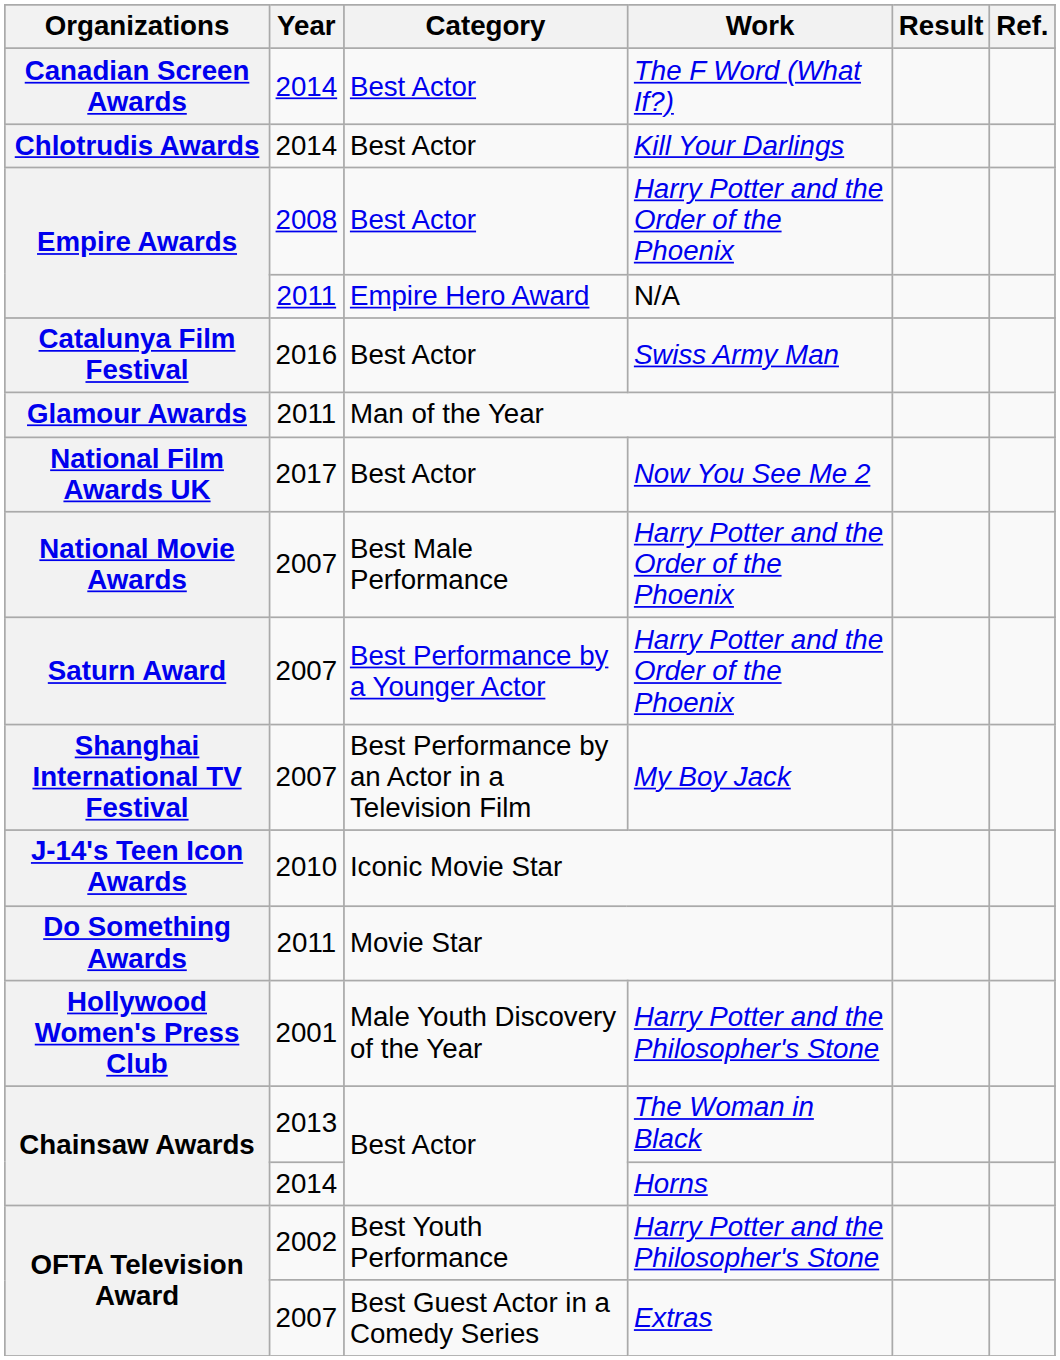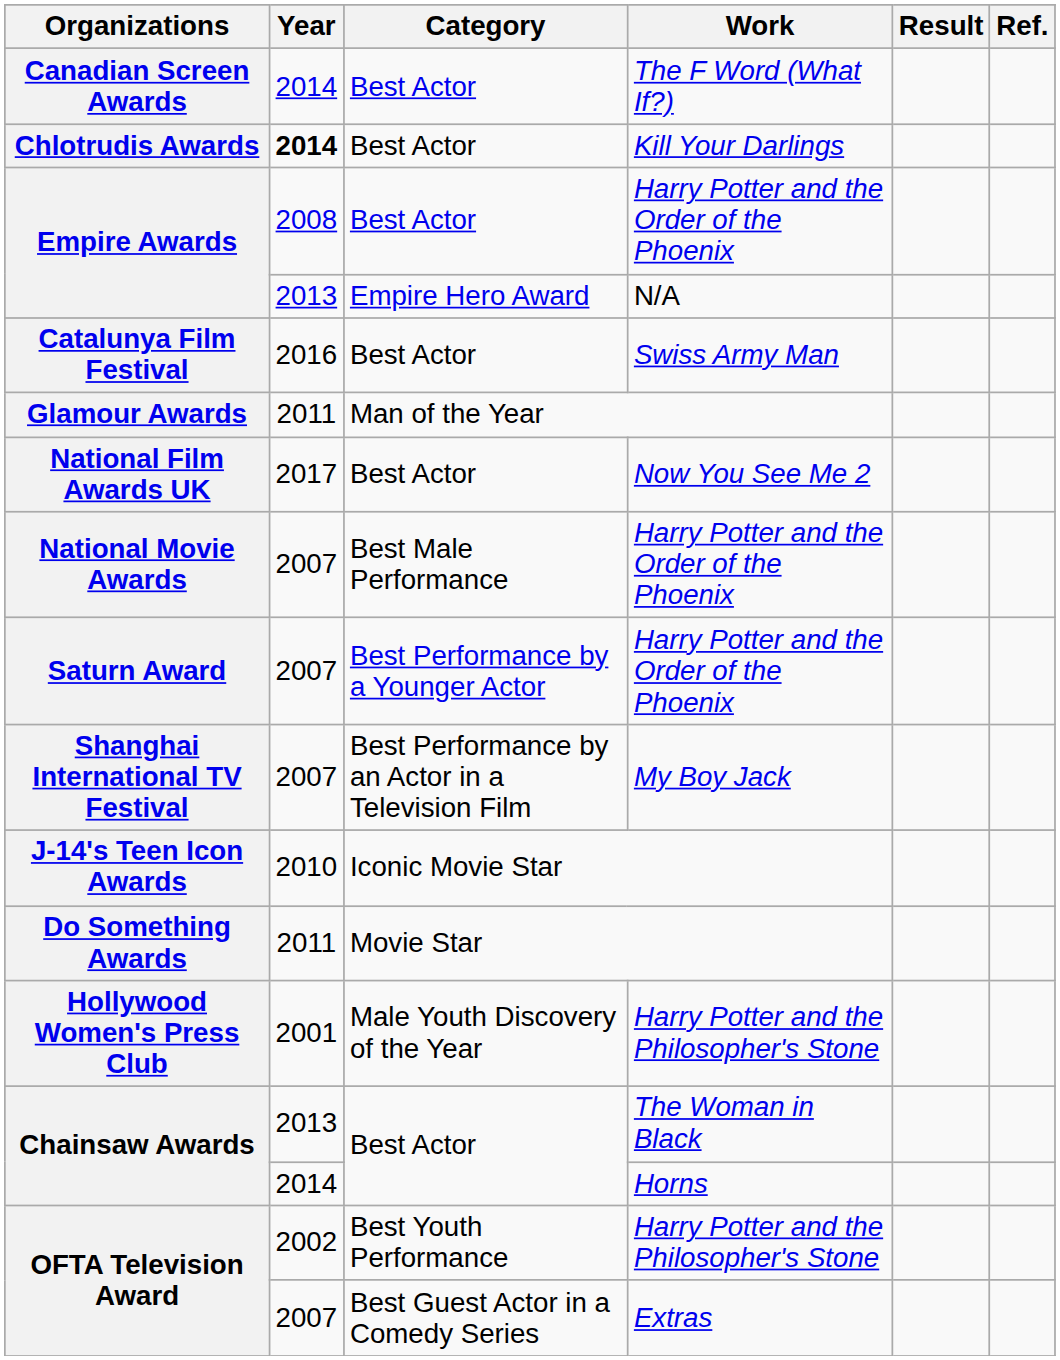 <table class="wikitable sortable plainrowheaders">
 <tr>
 <th>Organizations</th>
 <th>Year</th>
 <th>Category</th>
 <th>Work</th>
 <th>Result</th>
 <th class="unsortable">Ref.</th>
 </tr>
 <tr>
 <th rowspan="1" scope="row"><a href='#'>Canadian Screen Awards</a></th>
 <td style="text-align:center;"><a href='#'>2014</a></td>
 <td><a href='#'>Best Actor</a></td>
 <td><em><a href='#'>The F Word (What If?)</a></em></td>
 <td></td>
 <td style="text-align:center;"></td>
 </tr>
 <tr>
 <th rowspan="1" scope="row"><a href='#'>Chlotrudis Awards</a></th>
-<td style="text-align:center;">2014</td>
+<td style="text-align:center;"><strong>2014</strong></td>
 <td>Best Actor</td>
 <td><em><a href='#'>Kill Your Darlings</a></em></td>
 <td></td>
 <td></td>
 </tr>
 <tr>
 <th rowspan="2" scope="row"><a href='#'>Empire Awards</a></th>
 <td style="text-align:center;"><a href='#'>2008</a></td>
 <td><a href='#'>Best Actor</a></td>
 <td><em><a href='#'>Harry Potter and the Order of the Phoenix</a></em></td>
 <td></td>
 <td style="text-align:center;"></td>
 </tr>
 <tr>
-<td style="text-align:center;"><a href='#'>2011</a></td>
+<td style="text-align:center;"><a href='#'>2013</a></td>
 <td><a href='#'>Empire Hero Award</a></td>
 <td>N/A</td>
 <td></td>
 <td style="text-align:center;"></td>
 </tr>
 <tr>
 <th rowspan="1" scope="row"><a href='#'>Catalunya Film Festival</a></th>
 <td style="text-align:center;">2016</td>
 <td>Best Actor</td>
 <td><em><a href='#'>Swiss Army Man</a></em></td>
 <td></td>
 <td></td>
 </tr>
 <tr>
 <th rowspan="1" scope="row"><a href='#'>Glamour Awards</a></th>
 <td style="text-align:center;">2011</td>
 <td colspan=2>Man of the Year</td>
 <td></td>
 <td></td>
 </tr>
 <tr>
 <th rowspan="1" scope="row"><a href='#'>National Film Awards UK</a></th>
 <td style="text-align:center;">2017</td>
 <td>Best Actor</td>
 <td><em><a href='#'>Now You See Me 2</a></em></td>
 <td></td>
 <td style="text-align:center;"></td>
 </tr>
 <tr>
 <th rowspan="1" scope="row"><a href='#'>National Movie Awards</a></th>
 <td style="text-align:center;">2007</td>
 <td>Best Male Performance</td>
 <td><em><a href='#'>Harry Potter and the Order of the Phoenix</a></em></td>
 <td></td>
 <td style="text-align:center;"></td>
 </tr>
 <tr>
 <th rowspan="1" scope="row"><a href='#'>Saturn Award</a></th>
 <td style="text-align:center;">2007</td>
 <td><a href='#'>Best Performance by a Younger Actor</a></td>
 <td><a href='#'><em>Harry Potter and the Order of the Phoenix</em></a></td>
 <td></td>
 <td style="text-align:center;"></td>
 </tr>
 <tr>
 <th rowspan="1" scope="row"><a href='#'>Shanghai International TV Festival</a></th>
 <td style="text-align:center;">2007</td>
 <td>Best Performance by an Actor in a Television Film</td>
 <td><em><a href='#'>My Boy Jack</a></em></td>
 <td></td>
 <td style="text-align:center;"></td>
 </tr>
 <tr>
 <th rowspan="1" scope="row"><a href='#'>J-14's Teen Icon Awards</a></th>
 <td style="text-align:center;">2010</td>
 <td colspan=2>Iconic Movie Star</td>
 <td></td>
 <td style="text-align:center;"></td>
 </tr>
 <tr>
 <th rowspan="1" scope="row"><a href='#'>Do Something Awards</a></th>
 <td style="text-align:center;">2011</td>
 <td colspan=2>Movie Star</td>
 <td></td>
 <td style="text-align:center;"></td>
 </tr>
 <tr>
 <th rowspan="1" scope="row"><a href='#'>Hollywood Women's Press Club</a></th>
 <td style="text-align:center;">2001</td>
 <td>Male Youth Discovery of the Year</td>
 <td><em><a href='#'>Harry Potter and the Philosopher's Stone</a></em></td>
 <td></td>
 <td style="text-align:center;"></td>
 </tr>
 <tr>
 <th rowspan="2" scope="row">Chainsaw Awards</th>
 <td style="text-align:center;">2013</td>
 <td Rowspan=2>Best Actor</td>
 <td><em><a href='#'>The Woman in Black</a></em></td>
 <td></td>
 <td></td>
 </tr>
 <tr>
 <td style="text-align:center;">2014</td>
 <td><em><a href='#'>Horns</a></em></td>
 <td></td>
 <td></td>
 </tr>
 <tr>
 <th rowspan="2" scope="row">OFTA Television Award</th>
 <td style="text-align:center;">2002</td>
 <td>Best Youth Performance</td>
 <td><em><a href='#'>Harry Potter and the Philosopher's Stone</a></em></td>
 <td></td>
 <td></td>
 </tr>
 <tr>
 <td style="text-align:center;">2007</td>
 <td>Best Guest Actor in a Comedy Series</td>
 <td><em><a href='#'>Extras</a></em></td>
 <td></td>
 <td></td>
 </tr>
 </table>
